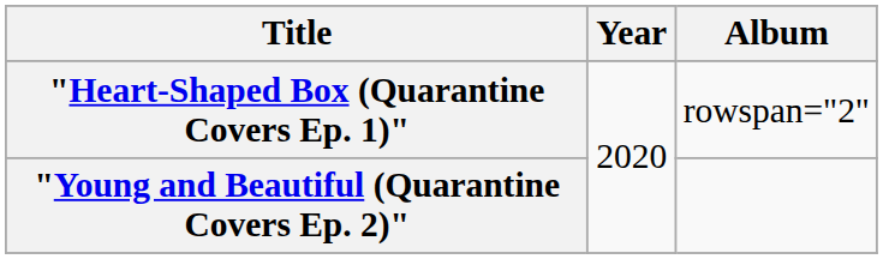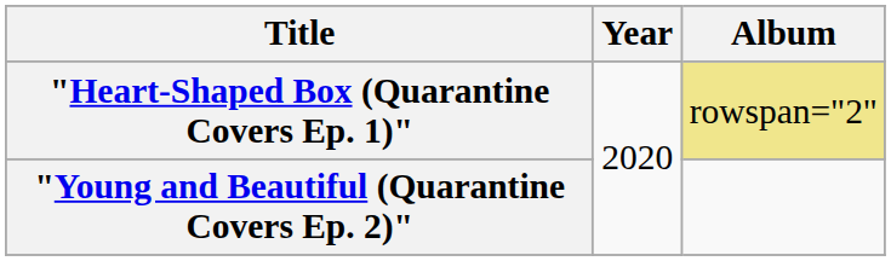 <table class="wikitable plainrowheaders" style="text-align:center;">
 <tr>
 <th scope="col" style="width:16em;">Title</th>
 <th scope="col" style="width:1em;">Year</th>
 <th scope="col">Album</th>
 </tr>
 <tr>
 <th scope="row">"<a href='#'>Heart-Shaped Box</a> (Quarantine Covers Ep. 1)"</th>
 <td rowspan="2">2020</td>
-<td>rowspan="2" </td>
+<td style="background: khaki;">rowspan="2" </td>
 </tr>
 <tr>
 <th scope="row">"<a href='#'>Young and Beautiful</a> (Quarantine Covers Ep. 2)"</th>
 </tr>
 </table>
